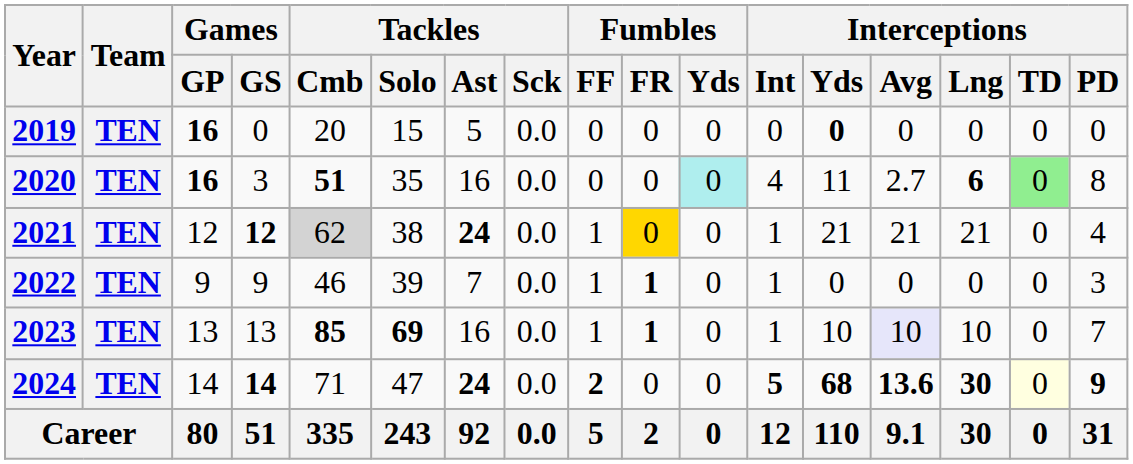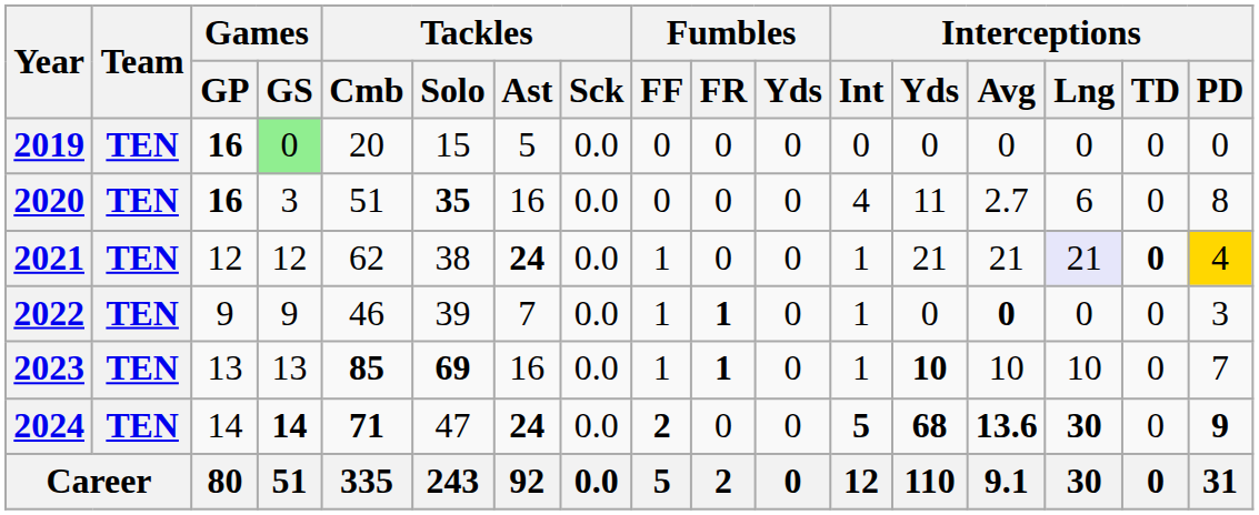 <table class=wikitable style="text-align:center;">
 <tr>
 <th rowspan="2">Year</th>
 <th rowspan="2">Team</th>
 <th colspan="2">Games</th>
 <th colspan="4">Tackles</th>
 <th colspan="3">Fumbles</th>
 <th colspan="6">Interceptions</th>
 </tr>
 <tr>
 <th>GP</th>
 <th>GS</th>
 <th>Cmb</th>
 <th>Solo</th>
 <th>Ast</th>
 <th>Sck</th>
 <th>FF</th>
 <th>FR</th>
 <th>Yds</th>
 <th>Int</th>
 <th>Yds</th>
 <th>Avg</th>
 <th>Lng</th>
 <th>TD</th>
 <th>PD</th>
 </tr>
 <tr>
 <th><a href='#'>2019</a></th>
 <th><a href='#'>TEN</a></th>
 <td><strong>16</strong></td>
-<td>0</td>
+<td style="background: lightgreen;">0</td>
 <td>20</td>
 <td>15</td>
 <td>5</td>
 <td>0.0</td>
 <td>0</td>
 <td>0</td>
 <td>0</td>
 <td>0</td>
-<td><strong>0</strong></td>
+<td>0</td>
 <td>0</td>
 <td>0</td>
 <td>0</td>
 <td>0</td>
 </tr>
 <tr>
 <th><a href='#'>2020</a></th>
 <th><a href='#'>TEN</a></th>
 <td><strong>16</strong></td>
 <td>3</td>
-<td><strong>51</strong></td>
-<td>35</td>
+<td>51</td>
+<td><strong>35</strong></td>
 <td>16</td>
 <td>0.0</td>
 <td>0</td>
 <td>0</td>
-<td style="background: paleturquoise;">0</td>
+<td>0</td>
 <td>4</td>
 <td>11</td>
 <td>2.7</td>
-<td><strong>6</strong></td>
-<td style="background: lightgreen;">0</td>
+<td>6</td>
+<td>0</td>
 <td>8</td>
 </tr>
 <tr>
 <th><a href='#'>2021</a></th>
 <th><a href='#'>TEN</a></th>
 <td>12</td>
-<td><strong>12</strong></td>
-<td style="background: lightgrey;">62</td>
+<td>12</td>
+<td>62</td>
 <td>38</td>
 <td><strong>24</strong></td>
 <td>0.0</td>
 <td>1</td>
-<td style="background: gold;">0</td>
+<td>0</td>
 <td>0</td>
 <td>1</td>
 <td>21</td>
 <td>21</td>
-<td>21</td>
-<td>0</td>
-<td>4</td>
+<td style="background: lavender;">21</td>
+<td><strong>0</strong></td>
+<td style="background: gold;">4</td>
 </tr>
 <tr>
 <th><a href='#'>2022</a></th>
 <th><a href='#'>TEN</a></th>
 <td>9</td>
 <td>9</td>
 <td>46</td>
 <td>39</td>
 <td>7</td>
 <td>0.0</td>
 <td>1</td>
 <td><strong>1</strong></td>
 <td>0</td>
 <td>1</td>
 <td>0</td>
-<td>0</td>
+<td><strong>0</strong></td>
 <td>0</td>
 <td>0</td>
 <td>3</td>
 </tr>
 <tr>
 <th><a href='#'>2023</a></th>
 <th><a href='#'>TEN</a></th>
 <td>13</td>
 <td>13</td>
 <td><strong>85</strong></td>
 <td><strong>69</strong></td>
 <td>16</td>
 <td>0.0</td>
 <td>1</td>
 <td><strong>1</strong></td>
 <td>0</td>
 <td>1</td>
+<td><strong>10</strong></td>
 <td>10</td>
-<td style="background: lavender;">10</td>
 <td>10</td>
 <td>0</td>
 <td>7</td>
 </tr>
 <tr>
 <th><a href='#'>2024</a></th>
 <th><a href='#'>TEN</a></th>
 <td>14</td>
 <td><strong>14</strong></td>
-<td>71</td>
+<td><strong>71</strong></td>
 <td>47</td>
 <td><strong>24</strong></td>
 <td>0.0</td>
 <td><strong>2</strong></td>
 <td>0</td>
 <td>0</td>
 <td><strong>5</strong></td>
 <td><strong>68</strong></td>
 <td><strong>13.6</strong></td>
 <td><strong>30</strong></td>
-<td style="background: lightyellow;">0</td>
+<td>0</td>
 <td><strong>9</strong></td>
 </tr>
 <tr>
 <th colspan="2">Career</th>
 <th>80</th>
 <th>51</th>
 <th>335</th>
 <th>243</th>
 <th>92</th>
 <th>0.0</th>
 <th>5</th>
 <th>2</th>
 <th>0</th>
 <th>12</th>
 <th>110</th>
 <th>9.1</th>
 <th>30</th>
 <th>0</th>
 <th>31</th>
 </tr>
 </table>
